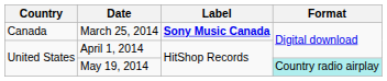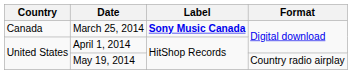 <table class="wikitable">
 <tr>
 <th>Country</th>
 <th>Date</th>
 <th>Label</th>
 <th>Format</th>
 </tr>
 <tr>
 <td>Canada</td>
 <td>March 25, 2014</td>
 <td><strong><a href='#'>Sony Music Canada</a></strong></td>
 <td rowspan="2"><a href='#'>Digital download</a></td>
 </tr>
 <tr>
 <td rowspan="2">United States</td>
 <td>April 1, 2014</td>
 <td rowspan="2">HitShop Records</td>
 </tr>
 <tr>
 <td>May 19, 2014</td>
-<td style="background: paleturquoise;">Country radio airplay</td>
+<td>Country radio airplay</td>
 </tr>
 </table>
